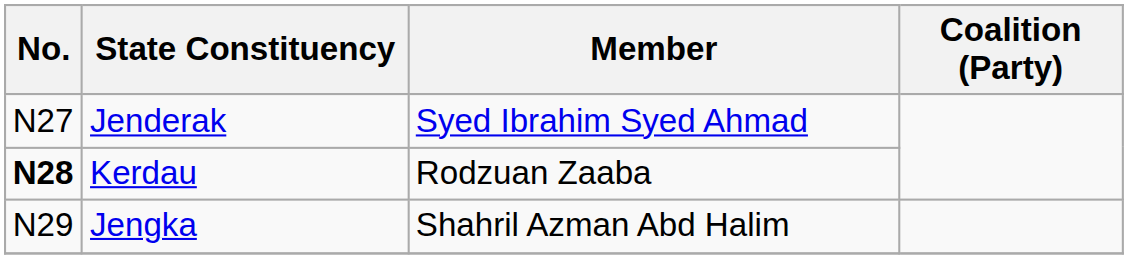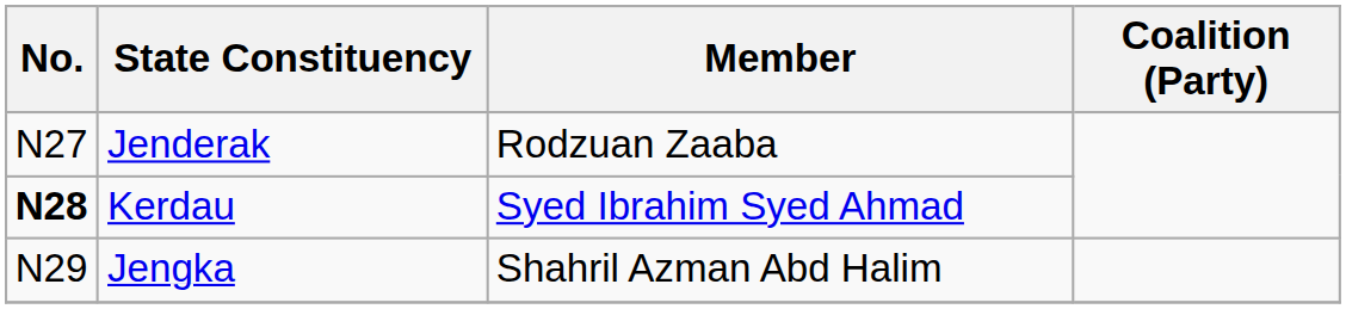 <table class="wikitable">
 <tr>
 <th width="30">No.</th>
 <th width="150">State Constituency</th>
 <th width="230">Member</th>
 <th width="100">Coalition (Party)</th>
 </tr>
 <tr>
 <td>N27</td>
 <td><a href='#'>Jenderak</a></td>
-<td><a href='#'>Syed Ibrahim Syed Ahmad</a></td>
+<td>Rodzuan Zaaba</td>
 <td rowspan=2></td>
 </tr>
 <tr>
 <td><strong>N28</strong></td>
 <td><a href='#'>Kerdau</a></td>
-<td>Rodzuan Zaaba</td>
+<td><a href='#'>Syed Ibrahim Syed Ahmad</a></td>
 </tr>
 <tr>
 <td>N29</td>
 <td><a href='#'>Jengka</a></td>
 <td>Shahril Azman Abd Halim</td>
 <td></td>
 </tr>
 <tr>
 </tr>
 </table>
